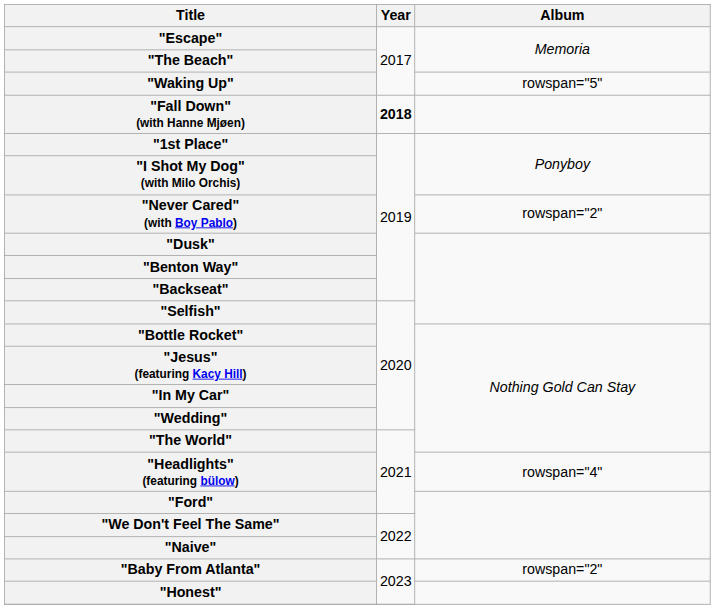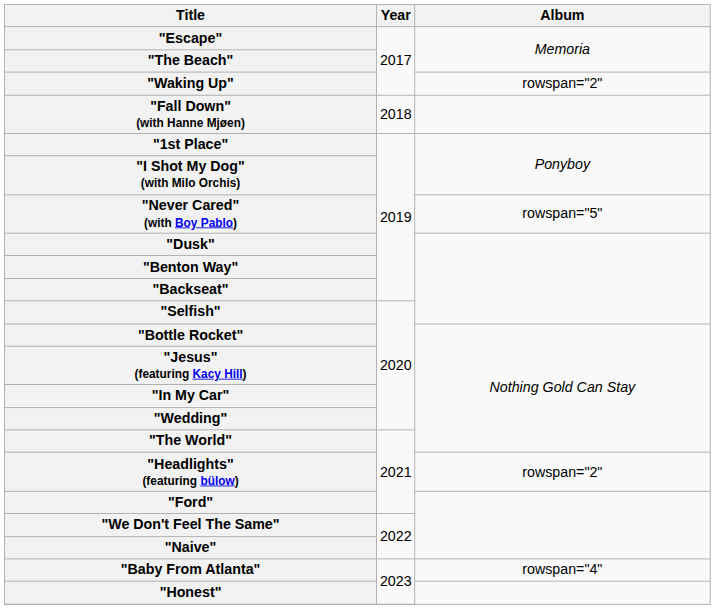 <table class="wikitable plainrowheaders" style="text-align:center; width:40%">
 <tr>
 <th scope="col" style="width:53%;">Title</th>
 <th scope="col" style="width:5%;">Year</th>
 <th scope="col" style="width:42%;">Album</th>
 </tr>
 <tr>
 <th scope="row">"Escape"</th>
 <td rowspan="3">2017</td>
 <td rowspan="2"><em>Memoria</em></td>
 </tr>
 <tr>
 <th scope="row">"The Beach"</th>
 </tr>
 <tr>
 <th scope="row">"Waking Up"</th>
-<td>rowspan="5" </td>
+<td>rowspan="2" </td>
 </tr>
 <tr>
 <th scope="row">"Fall Down"<br><small>(with Hanne Mjøen)</small><br></th>
-<td><strong>2018</strong></td>
+<td>2018</td>
 </tr>
 <tr>
 <th scope="row">"1st Place"</th>
 <td rowspan="6">2019</td>
 <td rowspan="2"><em>Ponyboy</em></td>
 </tr>
 <tr>
 <th scope="row">"I Shot My Dog"<br><small>(with Milo Orchis)</small><br></th>
 </tr>
 <tr>
 <th scope="row">"Never Cared"<br><small>(with <a href='#'>Boy Pablo</a>)</small><br></th>
-<td>rowspan="2" </td>
+<td>rowspan="5" </td>
 </tr>
 <tr>
 <th scope="row">"Dusk"</th>
 </tr>
 <tr>
 <th scope="row">"Benton Way"</th>
 </tr>
 <tr>
 <th scope="row">"Backseat"</th>
 </tr>
 <tr>
 <th scope="row">"Selfish"</th>
 <td rowspan="5">2020</td>
 </tr>
 <tr>
 <th scope="row">"Bottle Rocket"</th>
 <td rowspan="5"><em>Nothing Gold Can Stay</em></td>
 </tr>
 <tr>
 <th scope="row">"Jesus"<br><small>(featuring <a href='#'>Kacy Hill</a>)</small><br></th>
 </tr>
 <tr>
 <th scope="row">"In My Car"</th>
 </tr>
 <tr>
 <th scope="row">"Wedding"</th>
 </tr>
 <tr>
 <th scope="row">"The World"</th>
 <td rowspan="3">2021</td>
 </tr>
 <tr>
 <th scope="row">"Headlights"<br><small>(featuring <a href='#'>bülow</a>)</small><br></th>
-<td>rowspan="4" </td>
+<td>rowspan="2" </td>
 </tr>
 <tr>
 <th scope="row">"Ford"</th>
 </tr>
 <tr>
 <th scope="row">"We Don't Feel The Same"</th>
 <td rowspan="2">2022</td>
 </tr>
 <tr>
 <th scope="row">"Naive"</th>
 </tr>
 <tr>
 <th scope="row">"Baby From Atlanta"</th>
 <td rowspan="2">2023</td>
-<td>rowspan="2" </td>
+<td>rowspan="4" </td>
 </tr>
 <tr>
 <th scope="row">"Honest"</th>
 </tr>
 <tr>
 </tr>
 </table>
